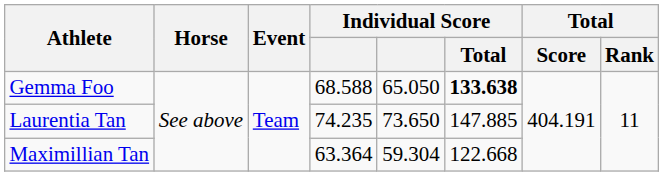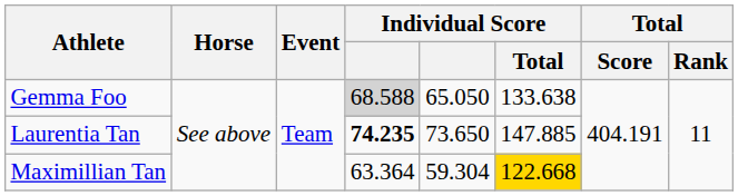 <table class=wikitable>
 <tr>
 <th rowspan="2">Athlete</th>
 <th rowspan="2">Horse</th>
 <th rowspan="2">Event</th>
 <th colspan="3">Individual Score</th>
 <th colspan="2">Total</th>
 </tr>
 <tr>
 <th></th>
 <th></th>
 <th>Total</th>
 <th>Score</th>
 <th>Rank</th>
 </tr>
 <tr>
 <td><a href='#'>Gemma Foo</a></td>
 <td rowspan=4><em>See above</em></td>
 <td rowspan=4><a href='#'>Team</a></td>
-<td align="center">68.588</td>
+<td align="center" style="background: lightgrey;">68.588</td>
 <td align="center">65.050</td>
-<td align="center"><strong>133.638</strong></td>
+<td align="center">133.638</td>
 <td align="center" rowspan="4">404.191</td>
 <td align="center" rowspan="4">11</td>
 </tr>
 <tr>
 <td><a href='#'>Laurentia Tan</a></td>
-<td align="center">74.235</td>
+<td align="center"><strong>74.235</strong></td>
 <td align="center">73.650</td>
 <td align="center">147.885</td>
 </tr>
 <tr>
 <td><a href='#'>Maximillian Tan</a></td>
 <td align="center">63.364</td>
 <td align="center">59.304</td>
-<td align="center">122.668</td>
+<td align="center" style="background: gold;">122.668</td>
 </tr>
 </table>
